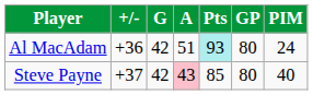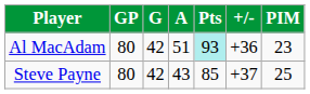 <table class="wikitable sortable">
 <tr align=center>
 <th style="color:white; background:#009639; ">Player</th>
-<th style="color:white; background:#009639; ">+/-</th>
+<th style="color:white; background:#009639; ">GP</th>
 <th style="color:white; background:#009639; ">G</th>
 <th style="color:white; background:#009639; ">A</th>
 <th style="color:white; background:#009639; ">Pts</th>
-<th style="color:white; background:#009639; ">GP</th>
+<th style="color:white; background:#009639; ">+/-</th>
 <th style="color:white; background:#009639; ">PIM</th>
 </tr>
 <tr align=center>
 <td><a href='#'>Al MacAdam</a></td>
-<td>+36</td>
+<td>80</td>
 <td>42</td>
 <td>51</td>
 <td style="background: paleturquoise;">93</td>
-<td>80</td>
-<td>24</td>
+<td>+36</td>
+<td>23</td>
 </tr>
 <tr align=center>
 <td><a href='#'>Steve Payne</a></td>
+<td>80</td>
+<td>42</td>
+<td>43</td>
+<td>85</td>
 <td>+37</td>
-<td>42</td>
-<td style="background: pink;">43</td>
-<td>85</td>
-<td>80</td>
-<td>40</td>
+<td>25</td>
 </tr>
 </table>
